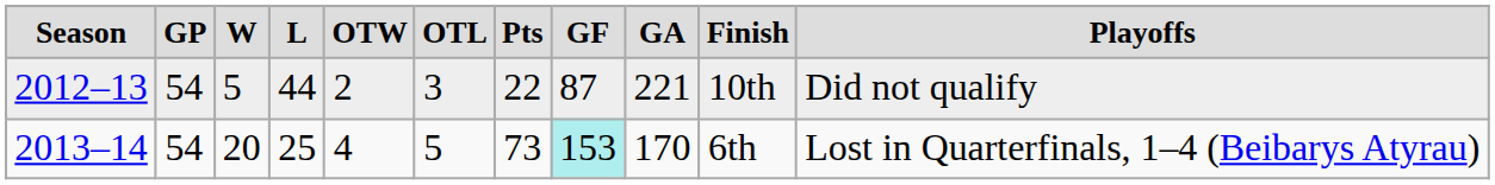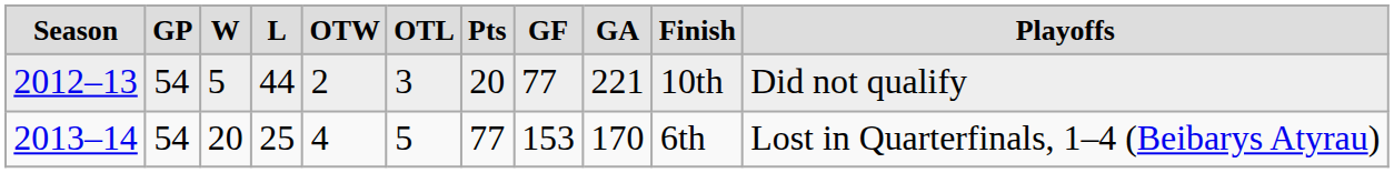 <table class="wikitable">
 <tr style="text-align:center; font-size:small; background:#ddd; padding:5px;"|>
 <td><strong>Season</strong></td>
 <td><strong>GP</strong></td>
 <td><strong>W</strong></td>
 <td><strong>L</strong></td>
 <td><strong>OTW</strong></td>
 <td><strong>OTL</strong></td>
 <td><strong>Pts</strong></td>
 <td><strong>GF</strong></td>
 <td><strong>GA</strong></td>
 <td><strong>Finish</strong></td>
 <td><strong>Playoffs</strong></td>
 </tr>
 <tr style="background:#eee;">
 <td><a href='#'>2012–13</a></td>
 <td>54</td>
 <td>5</td>
 <td>44</td>
 <td>2</td>
 <td>3</td>
-<td>22</td>
-<td>87</td>
+<td>20</td>
+<td>77</td>
 <td>221</td>
 <td>10th</td>
 <td>Did not qualify</td>
 </tr>
 <tr>
 <td><a href='#'>2013–14</a></td>
 <td>54</td>
 <td>20</td>
 <td>25</td>
 <td>4</td>
 <td>5</td>
-<td>73</td>
-<td style="background: paleturquoise;">153</td>
+<td>77</td>
+<td>153</td>
 <td>170</td>
 <td>6th</td>
 <td>Lost in Quarterfinals, 1–4 (<a href='#'>Beibarys Atyrau</a>)</td>
 </tr>
 </table>
